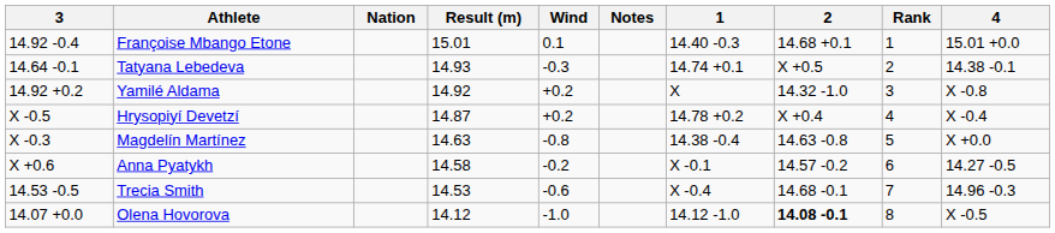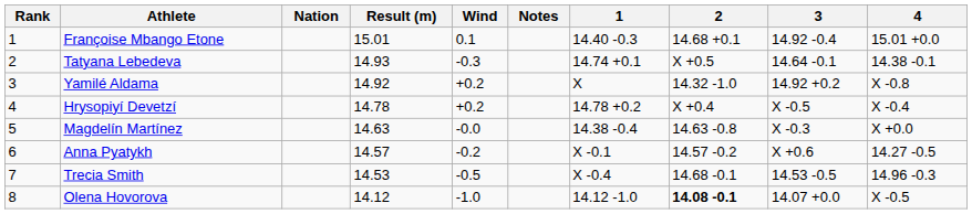 <table class="wikitable" style="text=align:center;" width=85%>
 <tr>
-<th>3</th>
+<th>Rank</th>
 <th>Athlete</th>
 <th>Nation</th>
 <th>Result (m)</th>
 <th>Wind</th>
 <th>Notes</th>
 <th>1</th>
 <th>2</th>
-<th>Rank</th>
+<th>3</th>
 <th>4</th>
 </tr>
 <tr>
-<td>14.92 -0.4</td>
+<td>1</td>
 <td><a href='#'>Françoise Mbango Etone</a></td>
 <td></td>
 <td>15.01</td>
 <td>0.1</td>
 <td></td>
 <td>14.40 -0.3</td>
 <td>14.68 +0.1</td>
-<td>1</td>
+<td>14.92 -0.4</td>
 <td>15.01 +0.0</td>
 </tr>
 <tr>
-<td>14.64 -0.1</td>
+<td>2</td>
 <td><a href='#'>Tatyana Lebedeva</a></td>
 <td></td>
 <td>14.93</td>
 <td>-0.3</td>
 <td></td>
 <td>14.74 +0.1</td>
 <td>X +0.5</td>
-<td>2</td>
+<td>14.64 -0.1</td>
 <td>14.38 -0.1</td>
 </tr>
 <tr>
-<td>14.92 +0.2</td>
+<td>3</td>
 <td><a href='#'>Yamilé Aldama</a></td>
 <td></td>
 <td>14.92</td>
 <td>+0.2</td>
 <td></td>
 <td>X</td>
 <td>14.32 -1.0</td>
-<td>3</td>
+<td>14.92 +0.2</td>
 <td>X -0.8</td>
 </tr>
 <tr>
-<td>X -0.5</td>
+<td>4</td>
 <td><a href='#'>Hrysopiyí Devetzí</a></td>
 <td></td>
-<td>14.87</td>
+<td>14.78</td>
 <td>+0.2</td>
 <td></td>
 <td>14.78 +0.2</td>
 <td>X +0.4</td>
-<td>4</td>
+<td>X -0.5</td>
 <td>X -0.4</td>
 </tr>
 <tr>
-<td>X -0.3</td>
+<td>5</td>
 <td><a href='#'>Magdelín Martínez</a></td>
 <td></td>
 <td>14.63</td>
-<td>-0.8</td>
+<td>-0.0</td>
 <td></td>
 <td>14.38 -0.4</td>
 <td>14.63 -0.8</td>
-<td>5</td>
+<td>X -0.3</td>
 <td>X +0.0</td>
 </tr>
 <tr>
-<td>X +0.6</td>
+<td>6</td>
 <td><a href='#'>Anna Pyatykh</a></td>
 <td></td>
-<td>14.58</td>
+<td>14.57</td>
 <td>-0.2</td>
 <td></td>
 <td>X -0.1</td>
 <td>14.57 -0.2</td>
-<td>6</td>
+<td>X +0.6</td>
 <td>14.27 -0.5</td>
 </tr>
 <tr>
-<td>14.53 -0.5</td>
+<td>7</td>
 <td><a href='#'>Trecia Smith</a></td>
 <td></td>
 <td>14.53</td>
-<td>-0.6</td>
+<td>-0.5</td>
 <td></td>
 <td>X -0.4</td>
 <td>14.68 -0.1</td>
-<td>7</td>
+<td>14.53 -0.5</td>
 <td>14.96 -0.3</td>
 </tr>
 <tr>
-<td>14.07 +0.0</td>
+<td>8</td>
 <td><a href='#'>Olena Hovorova</a></td>
 <td></td>
 <td>14.12</td>
 <td>-1.0</td>
 <td></td>
 <td>14.12 -1.0</td>
 <td><strong>14.08 -0.1</strong></td>
-<td>8</td>
+<td>14.07 +0.0</td>
 <td>X -0.5</td>
 </tr>
 </table>
